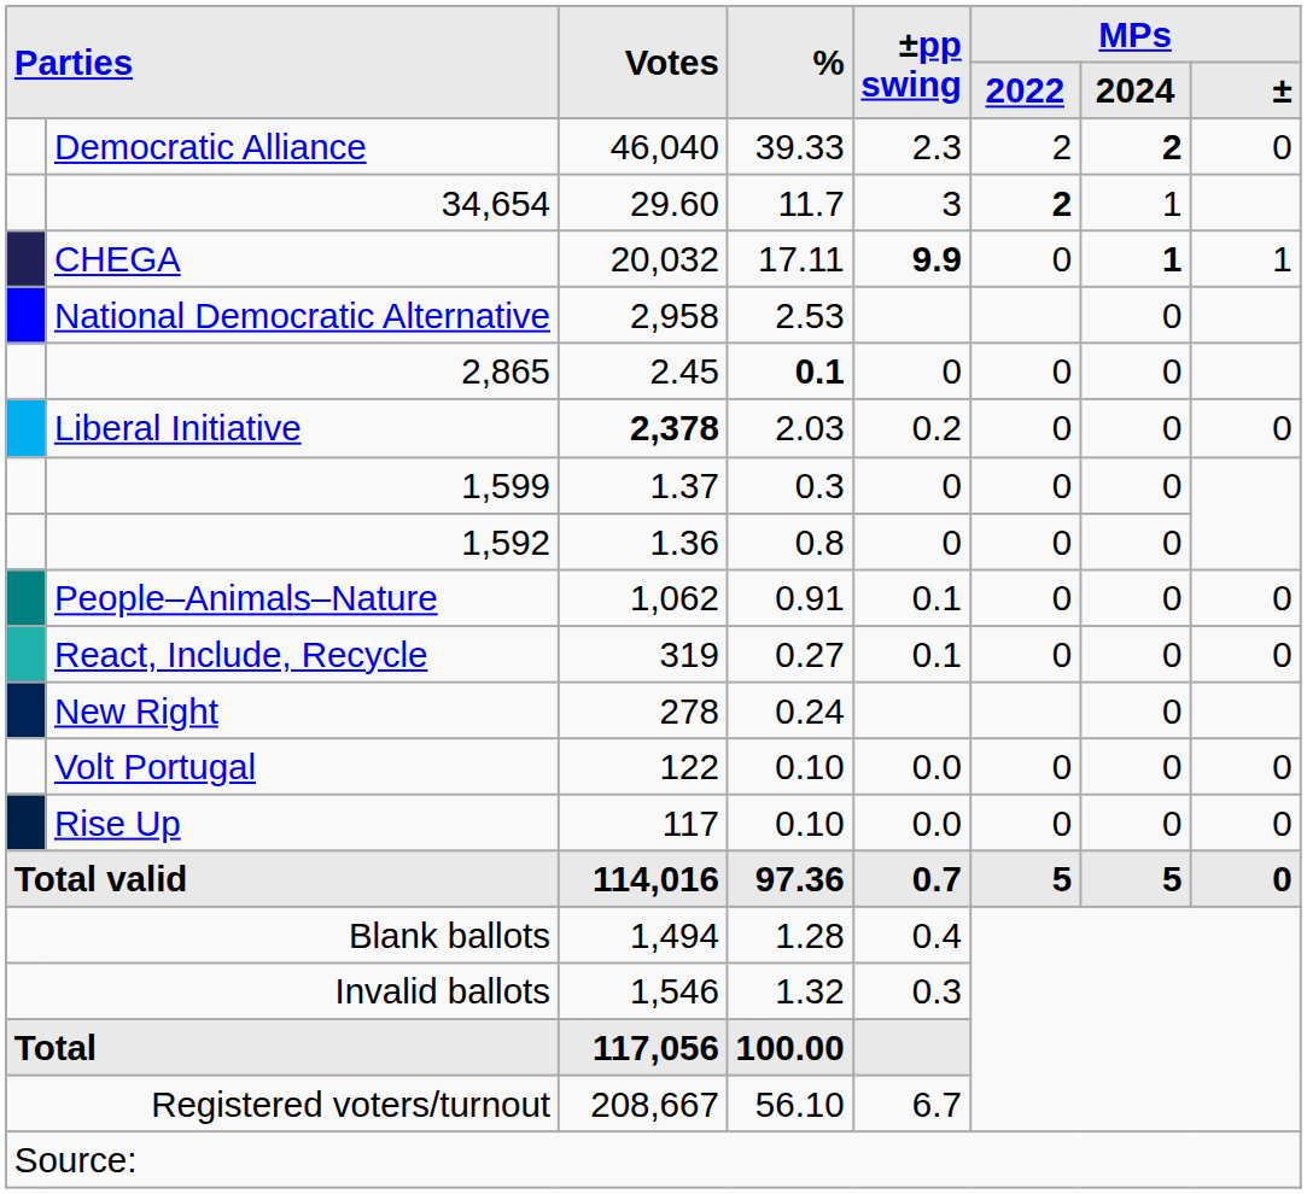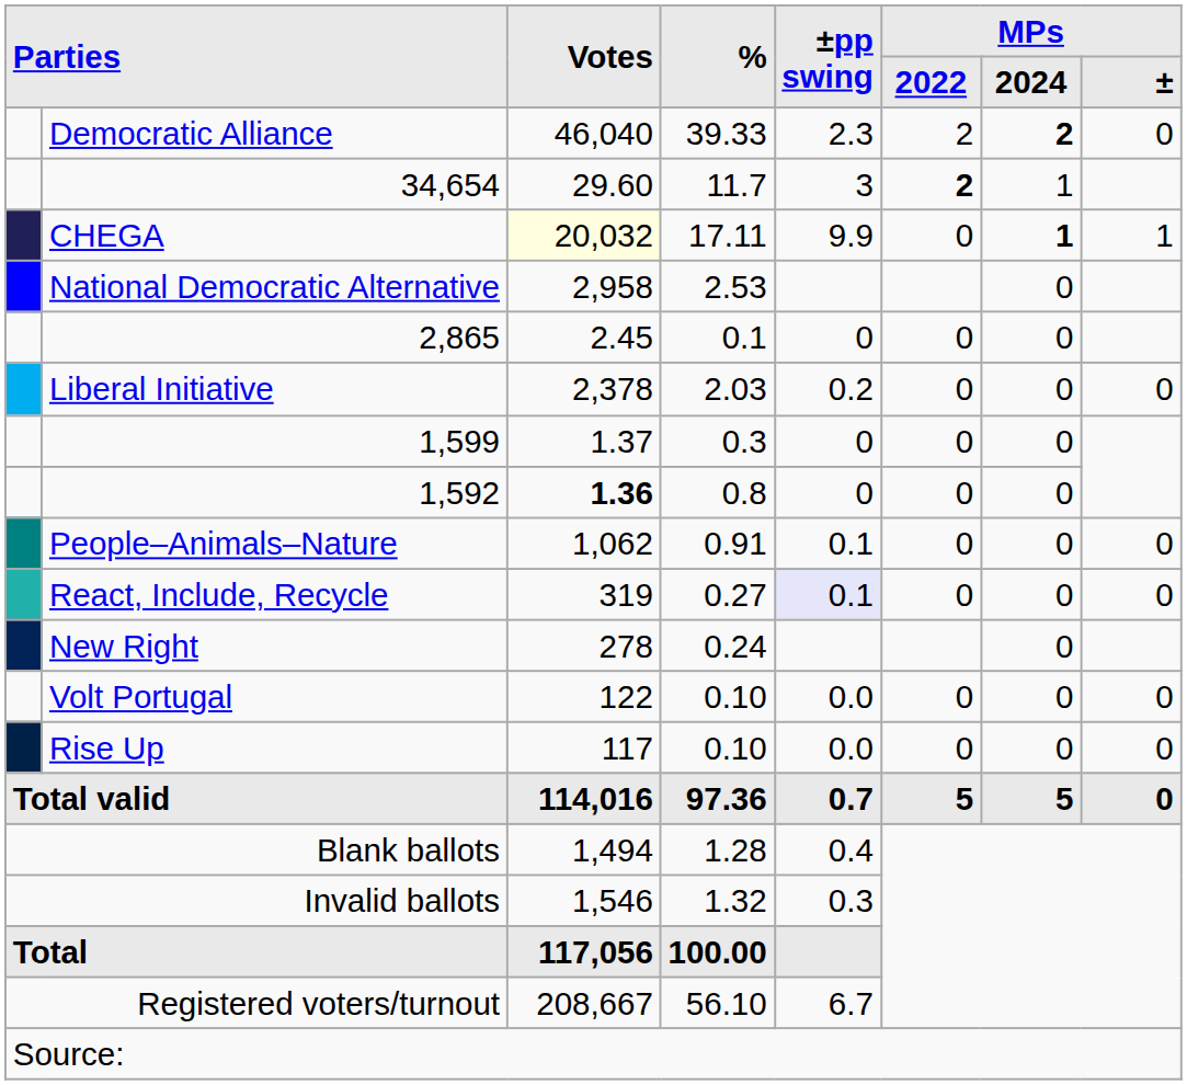 <table class="wikitable" style="text-align:right; font-size:95%;">
 <tr>
 <th rowspan="2" colspan="2" style="background:#e9e9e9; text-align:left;" alignleft><a href='#'>Parties</a></th>
 <th rowspan="2" style="background:#e9e9e9; text-align:right;">Votes</th>
 <th rowspan="2" style="background:#e9e9e9; text-align:right;">%</th>
 <th rowspan="2" style="background:#e9e9e9; text-align:right;">±<a href='#'>pp</a> <a href='#'>swing</a></th>
 <th colspan="3" style="background:#e9e9e9; text-align:center;"><a href='#'>MPs</a></th>
 </tr>
 <tr style="background-color:#E9E9E9">
 <th style="background-color:#E9E9E9;text-align:center;"><a href='#'>2022</a></th>
 <th style="background-color:#E9E9E9;text-align:center;">2024</th>
 <th style="background:#e9e9e9; text-align:right;">±</th>
 </tr>
 <tr>
 <td style="width: 10px"></td>
 <td align="left"><a href='#'>Democratic Alliance</a> </td>
 <td>46,040</td>
 <td>39.33</td>
 <td>2.3</td>
 <td>2</td>
 <td><strong>2</strong></td>
 <td>0</td>
 </tr>
 <tr>
 <td></td>
 <td>34,654</td>
 <td>29.60</td>
 <td>11.7</td>
 <td>3</td>
 <td><strong>2</strong></td>
 <td>1</td>
 </tr>
 <tr>
 <td style="width: 10px" bgcolor="#202056" align="center"></td>
 <td align="left"><a href='#'>CHEGA</a></td>
-<td>20,032</td>
+<td style="background: lightyellow;">20,032</td>
 <td>17.11</td>
-<td><strong>9.9</strong></td>
+<td>9.9</td>
 <td>0</td>
 <td><strong>1</strong></td>
 <td>1</td>
 </tr>
 <tr>
 <td style="width: 10px" bgcolor="blue" align="center"></td>
 <td align="left"><a href='#'>National Democratic Alternative</a></td>
 <td>2,958</td>
 <td>2.53</td>
 <td></td>
 <td></td>
 <td>0</td>
 <td></td>
 </tr>
 <tr>
 <td></td>
 <td>2,865</td>
 <td>2.45</td>
-<td><strong>0.1</strong></td>
+<td>0.1</td>
 <td>0</td>
 <td>0</td>
 <td>0</td>
 </tr>
 <tr>
 <td style="width: 10px" bgcolor="#00ADEF" align="center"></td>
 <td align="left"><a href='#'>Liberal Initiative</a></td>
-<td><strong>2,378</strong></td>
+<td>2,378</td>
 <td>2.03</td>
 <td>0.2</td>
 <td>0</td>
 <td>0</td>
 <td>0</td>
 </tr>
 <tr>
 <td></td>
 <td>1,599</td>
 <td>1.37</td>
 <td>0.3</td>
 <td>0</td>
 <td>0</td>
 <td>0</td>
 </tr>
 <tr>
 <td></td>
 <td>1,592</td>
-<td>1.36</td>
+<td><strong>1.36</strong></td>
 <td>0.8</td>
 <td>0</td>
 <td>0</td>
 <td>0</td>
 </tr>
 <tr>
 <td style="width: 10px" bgcolor="teal" align="center"></td>
 <td align="left"><a href='#'>People–Animals–Nature</a></td>
 <td>1,062</td>
 <td>0.91</td>
 <td>0.1</td>
 <td>0</td>
 <td>0</td>
 <td>0</td>
 </tr>
 <tr>
 <td style="width: 10px" bgcolor="LightSeaGreen" align="center"></td>
 <td align="left"><a href='#'>React, Include, Recycle</a></td>
 <td>319</td>
 <td>0.27</td>
-<td>0.1</td>
+<td style="background: lavender;">0.1</td>
 <td>0</td>
 <td>0</td>
 <td>0</td>
 </tr>
 <tr>
 <td style="width: 10px" bgcolor="#012257" align="center"></td>
 <td align="left"><a href='#'>New Right</a></td>
 <td>278</td>
 <td>0.24</td>
 <td></td>
 <td></td>
 <td>0</td>
 <td></td>
 </tr>
 <tr>
 <td style="width: 10px"></td>
 <td align="left"><a href='#'>Volt Portugal</a></td>
 <td>122</td>
 <td>0.10</td>
 <td>0.0</td>
 <td>0</td>
 <td>0</td>
 <td>0</td>
 </tr>
 <tr>
 <td style="width: 10px" bgcolor="#002147" align="center"></td>
 <td align="left"><a href='#'>Rise Up</a></td>
 <td>117</td>
 <td>0.10</td>
 <td>0.0</td>
 <td>0</td>
 <td>0</td>
 <td>0</td>
 </tr>
 <tr>
 <td colspan=2 align=left style="background-color:#E9E9E9"><strong>Total valid</strong></td>
 <td width="65" align="right" style="background-color:#E9E9E9"><strong>114,016</strong></td>
 <td width="40" align="right" style="background-color:#E9E9E9"><strong>97.36</strong></td>
 <td width="40" align="right" style="background-color:#E9E9E9"><strong>0.7</strong></td>
 <td width="40" align="right" style="background-color:#E9E9E9"><strong>5</strong></td>
 <td width="40" align="right" style="background-color:#E9E9E9"><strong>5</strong></td>
 <td width="40" align="right" style="background-color:#E9E9E9"><strong>0</strong></td>
 </tr>
 <tr>
 <td colspan=2>Blank ballots</td>
 <td>1,494</td>
 <td>1.28</td>
 <td>0.4</td>
 <td colspan="3" rowspan="4"></td>
 </tr>
 <tr>
 <td colspan=2>Invalid ballots</td>
 <td>1,546</td>
 <td>1.32</td>
 <td>0.3</td>
 </tr>
 <tr>
 <td colspan=2 align=left style="background-color:#E9E9E9"><strong>Total</strong></td>
 <td width="50" align="right" style="background-color:#E9E9E9"><strong>117,056</strong></td>
 <td width="40" align="right" style="background-color:#E9E9E9"><strong>100.00</strong></td>
 <td width="40" align="right" style="background-color:#E9E9E9"></td>
 </tr>
 <tr>
 <td colspan=2>Registered voters/turnout</td>
 <td>208,667</td>
 <td>56.10</td>
 <td>6.7</td>
 </tr>
 <tr>
 <td colspan=8 align=left>Source: </td>
 </tr>
 </table>
